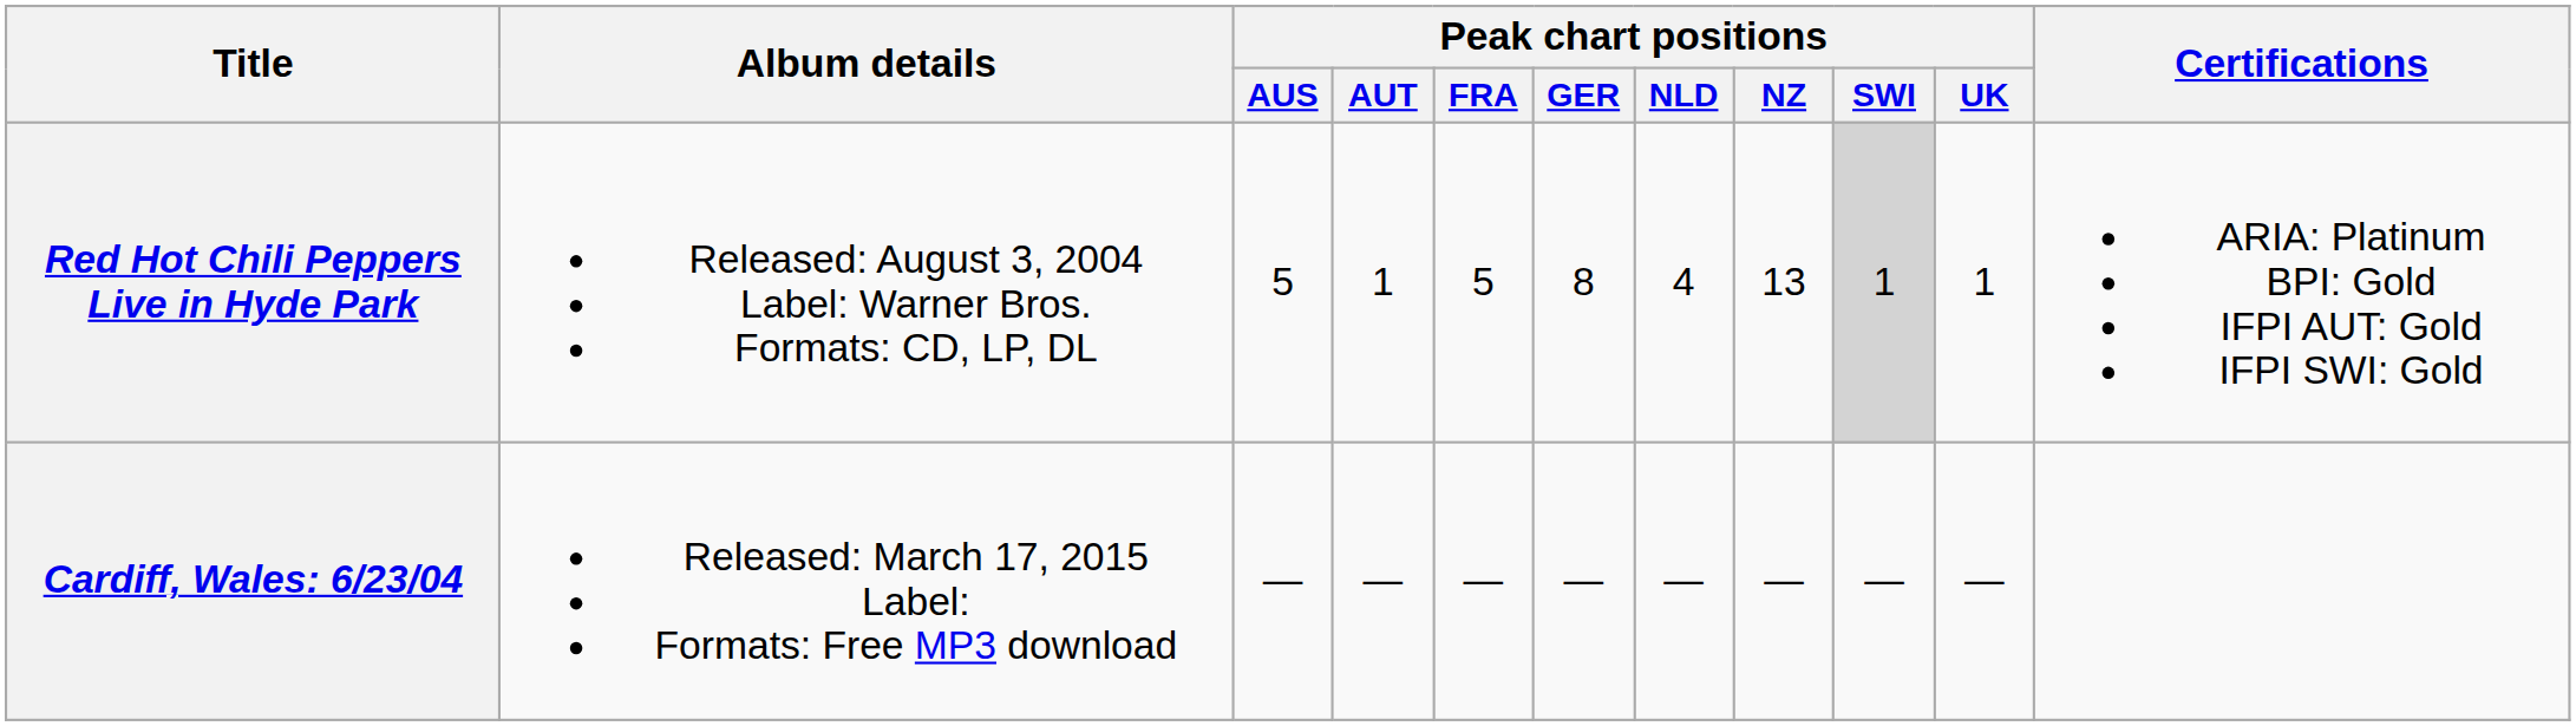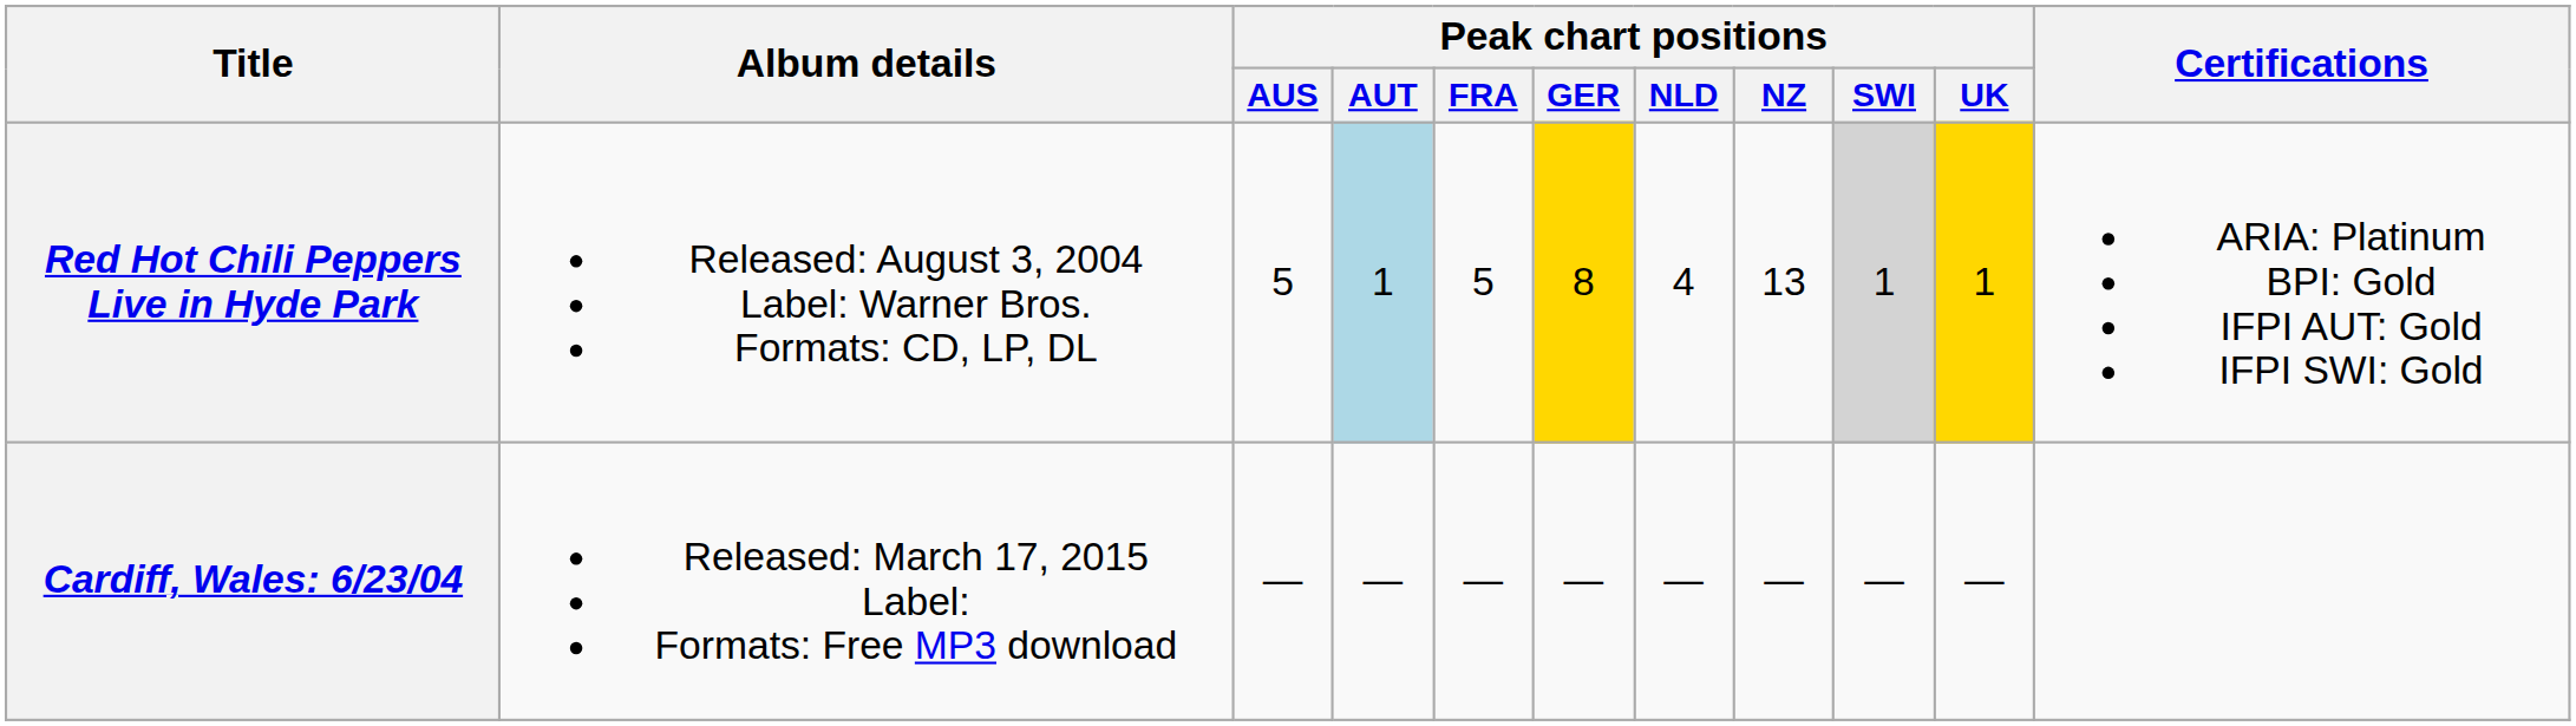 <table class="wikitable plainrowheaders" style="text-align:center;">
 <tr>
 <th scope="col" rowspan="2" style="width:12em;">Title</th>
 <th scope="col" rowspan="2" style="width:18em;">Album details</th>
 <th scope="col" colspan="8">Peak chart positions</th>
 <th scope="col" rowspan="2" style="width:13em;"><a href='#'>Certifications</a></th>
 </tr>
 <tr>
 <th scope="col" style="width:2.5em;font-size:85%;"><a href='#'>AUS</a><br></th>
 <th scope="col" style="width:2.5em;font-size:85%;"><a href='#'>AUT</a><br></th>
 <th scope="col" style="width:2.5em;font-size:85%;"><a href='#'>FRA</a><br></th>
 <th scope="col" style="width:2.5em;font-size:85%;"><a href='#'>GER</a><br></th>
 <th scope="col" style="width:2.5em;font-size:85%;"><a href='#'>NLD</a><br></th>
 <th scope="col" style="width:2.5em;font-size:85%;"><a href='#'>NZ</a><br></th>
 <th scope="col" style="width:2.5em;font-size:85%;"><a href='#'>SWI</a><br></th>
 <th scope="col" style="width:2.5em;font-size:85%;"><a href='#'>UK</a><br></th>
 </tr>
 <tr>
 <th scope="row"><em><a href='#'>Red Hot Chili Peppers Live in Hyde Park</a></em></th>
 <td><br><ul><li>Released: August 3, 2004</li><li>Label: Warner Bros.</li><li>Formats: CD, LP, DL</li></ul></td>
 <td>5</td>
-<td>1</td>
+<td style="background: lightblue;">1</td>
 <td>5</td>
-<td>8</td>
+<td style="background: gold;">8</td>
 <td>4</td>
 <td>13</td>
 <td style="background: lightgrey;">1</td>
-<td>1</td>
+<td style="background: gold;">1</td>
 <td><br><ul><li>ARIA: Platinum</li><li>BPI: Gold</li><li>IFPI AUT: Gold</li><li>IFPI SWI: Gold</li></ul></td>
 </tr>
 <tr>
 <th scope="row"><em><a href='#'>Cardiff, Wales: 6/23/04</a></em></th>
 <td><br><ul><li>Released: March 17, 2015</li><li>Label:</li><li>Formats: Free <a href='#'>MP3</a> download</li></ul></td>
 <td>—</td>
 <td>—</td>
 <td>—</td>
 <td>—</td>
 <td>—</td>
 <td>—</td>
 <td>—</td>
 <td>—</td>
 <td></td>
 </tr>
 </table>
